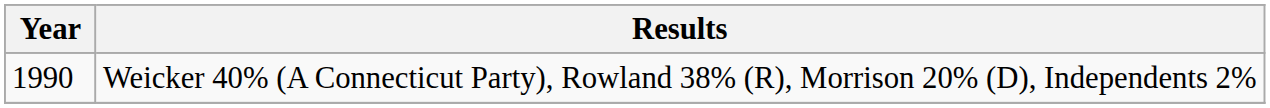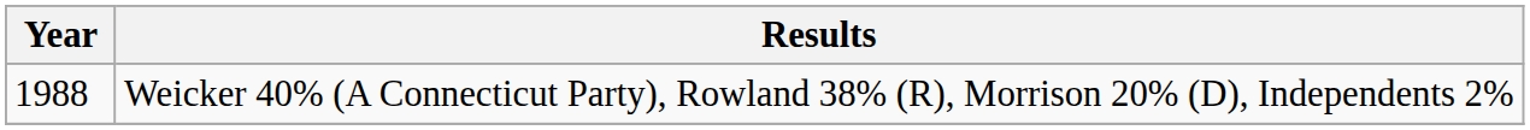 <table class="wikitable">
 <tr>
 <th align="left" valign="top" width="40">Year</th>
 <th align="left" valign="top">Results</th>
 </tr>
 <tr>
-<td align="left" valign="top">1990</td>
+<td align="left" valign="top">1988</td>
 <td align="left" valign="top">Weicker 40% (A Connecticut Party), Rowland 38% (R), Morrison 20% (D), Independents 2%</td>
 </tr>
 <tr>
 </tr>
 </table>
